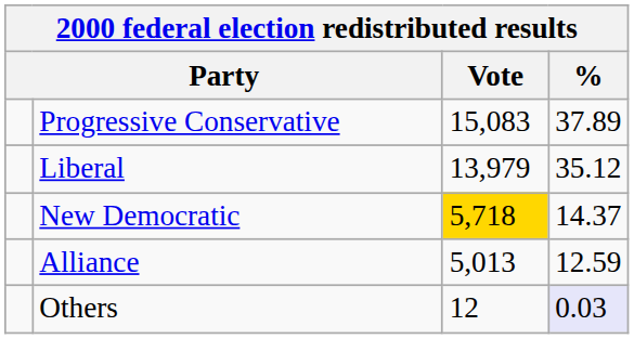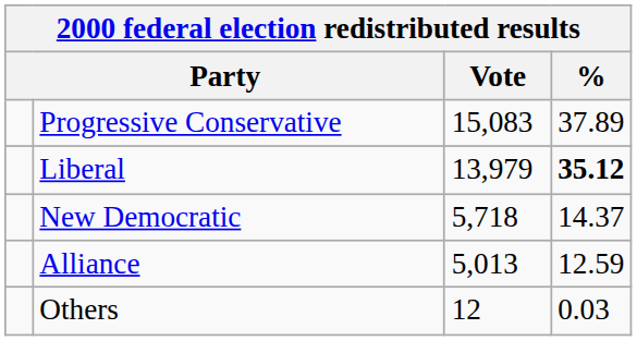 <table class="wikitable">
 <tr>
 <th colspan="4"><a href='#'>2000 federal election</a> redistributed results</th>
 </tr>
 <tr>
 <th bgcolor="#DDDDFF" width="230px" colspan="2">Party</th>
 <th bgcolor="#DDDDFF" width="50px">Vote</th>
 <th bgcolor="#DDDDFF" width="30px">%</th>
 </tr>
 <tr>
 <td> </td>
 <td><a href='#'>Progressive Conservative</a></td>
 <td>15,083</td>
 <td>37.89</td>
 </tr>
 <tr>
 <td> </td>
 <td><a href='#'>Liberal</a></td>
 <td>13,979</td>
-<td>35.12</td>
+<td><strong>35.12</strong></td>
 </tr>
 <tr>
 <td> </td>
 <td><a href='#'>New Democratic</a></td>
-<td style="background: gold;">5,718</td>
+<td>5,718</td>
 <td>14.37</td>
 </tr>
 <tr>
 <td> </td>
 <td><a href='#'>Alliance</a></td>
 <td>5,013</td>
 <td>12.59</td>
 </tr>
 <tr>
 <td> </td>
 <td>Others</td>
 <td>12</td>
-<td style="background: lavender;">0.03</td>
+<td>0.03</td>
 </tr>
 </table>
